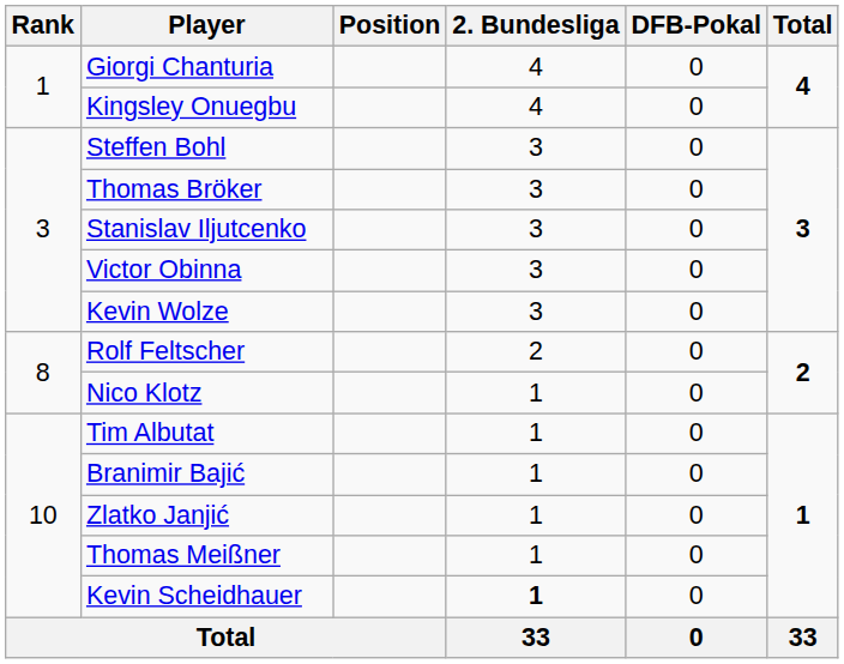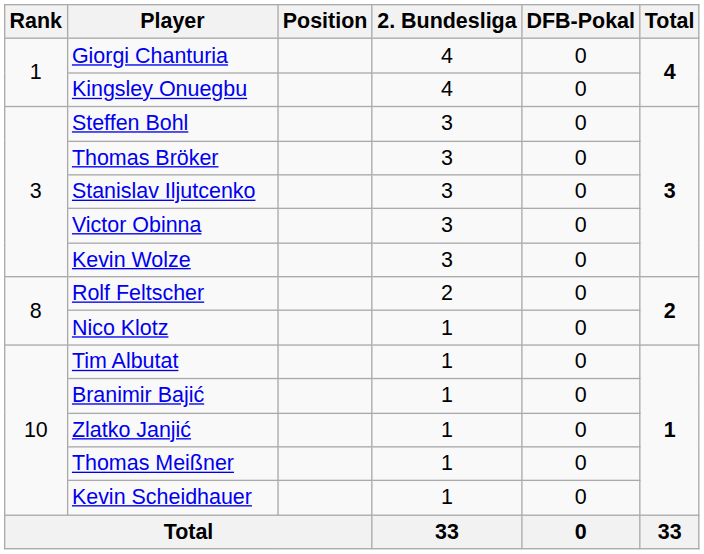 <table class="wikitable">
 <tr>
 <th>Rank</th>
 <th style="width:150px;">Player</th>
 <th>Position</th>
 <th>2. Bundesliga</th>
 <th>DFB-Pokal</th>
 <th>Total</th>
 </tr>
 <tr>
 <td align=center rowspan=2>1</td>
 <td> <a href='#'>Giorgi Chanturia</a></td>
 <td align=center></td>
 <td align=center>4</td>
 <td align=center>0</td>
 <td align=center rowspan=2><strong>4</strong></td>
 </tr>
 <tr>
 <td> <a href='#'>Kingsley Onuegbu</a></td>
 <td align=center></td>
 <td align=center>4</td>
 <td align=center>0</td>
 </tr>
 <tr>
 <td align=center rowspan=5>3</td>
 <td> <a href='#'>Steffen Bohl</a></td>
 <td align=center></td>
 <td align=center>3</td>
 <td align=center>0</td>
 <td align=center rowspan=5><strong>3</strong></td>
 </tr>
 <tr>
 <td> <a href='#'>Thomas Bröker</a></td>
 <td align=center></td>
 <td align=center>3</td>
 <td align=center>0</td>
 </tr>
 <tr>
 <td> <a href='#'>Stanislav Iljutcenko</a></td>
 <td align=center></td>
 <td align=center>3</td>
 <td align=center>0</td>
 </tr>
 <tr>
 <td> <a href='#'>Victor Obinna</a></td>
 <td align=center></td>
 <td align=center>3</td>
 <td align=center>0</td>
 </tr>
 <tr>
 <td> <a href='#'>Kevin Wolze</a></td>
 <td align=center></td>
 <td align=center>3</td>
 <td align=center>0</td>
 </tr>
 <tr>
 <td align=center rowspan=2>8</td>
 <td> <a href='#'>Rolf Feltscher</a></td>
 <td align=center></td>
 <td align=center>2</td>
 <td align=center>0</td>
 <td align=center rowspan=2><strong>2</strong></td>
 </tr>
 <tr>
 <td> <a href='#'>Nico Klotz</a></td>
 <td align=center></td>
 <td align=center>1</td>
 <td align=center>0</td>
 </tr>
 <tr>
 <td align=center rowspan=5>10</td>
 <td> <a href='#'>Tim Albutat</a></td>
 <td align=center></td>
 <td align=center>1</td>
 <td align=center>0</td>
 <td align=center rowspan=5><strong>1</strong></td>
 </tr>
 <tr>
 <td> <a href='#'>Branimir Bajić</a></td>
 <td align=center></td>
 <td align=center>1</td>
 <td align=center>0</td>
 </tr>
 <tr>
 <td> <a href='#'>Zlatko Janjić</a></td>
 <td align=center></td>
 <td align=center>1</td>
 <td align=center>0</td>
 </tr>
 <tr>
 <td> <a href='#'>Thomas Meißner</a></td>
 <td align=center></td>
 <td align=center>1</td>
 <td align=center>0</td>
 </tr>
 <tr>
 <td> <a href='#'>Kevin Scheidhauer</a></td>
 <td align=center></td>
-<td align=center><strong>1</strong></td>
+<td align=center>1</td>
 <td align=center>0</td>
 </tr>
 <tr>
 <th align=center colspan=3>Total</th>
 <th align=center>33</th>
 <th align=center>0</th>
 <th align=center>33</th>
 </tr>
 </table>
